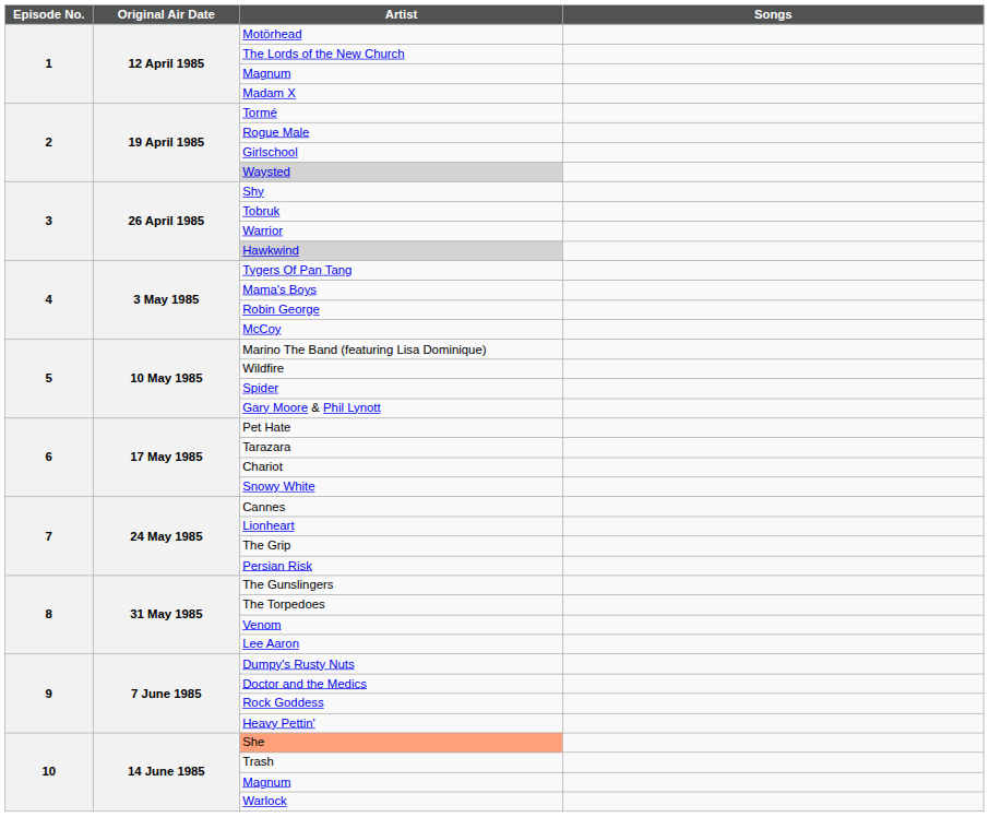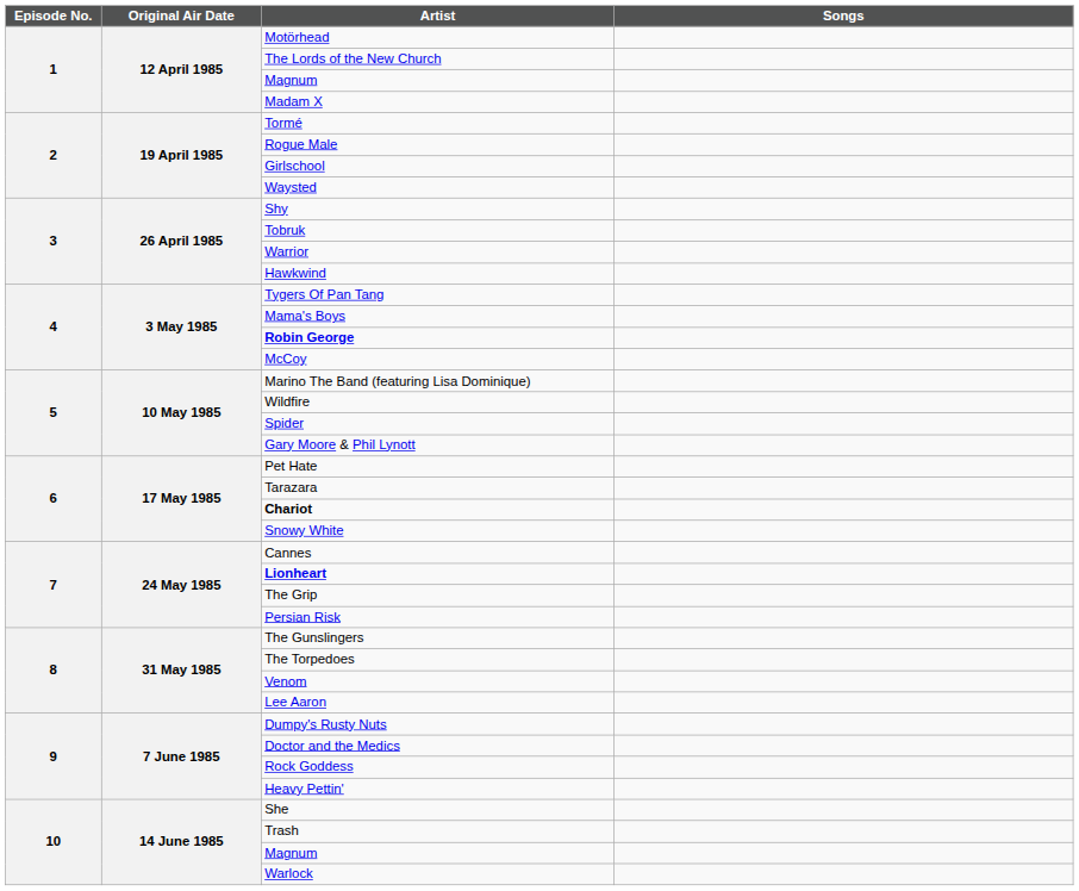 <table class="wikitable plainrowheaders" style="width: 100%; margin-right: 0;">
 <tr style=color:white>
 <th style="background:#515252; width:9%;">Episode No.</th>
 <th style="background:#515252; width:15%;">Original Air Date</th>
 <th style="background:#515252; width:33%;">Artist</th>
 <th style="background:#515252; width:43%;">Songs</th>
 </tr>
 <tr>
 <th rowspan="4">1</th>
 <th rowspan="4">12 April 1985</th>
 <td><a href='#'>Motörhead</a></td>
 <td><br></td>
 </tr>
 <tr>
 <td><a href='#'>The Lords of the New Church</a></td>
 <td></td>
 </tr>
 <tr>
 <td><a href='#'>Magnum</a></td>
 <td></td>
 </tr>
 <tr>
 <td><a href='#'>Madam X</a></td>
 <td></td>
 </tr>
 <tr>
 <th rowspan="4">2</th>
 <th rowspan="4">19 April 1985</th>
 <td><a href='#'>Tormé</a></td>
 <td></td>
 </tr>
 <tr>
 <td><a href='#'>Rogue Male</a></td>
 <td></td>
 </tr>
 <tr>
 <td><a href='#'>Girlschool</a></td>
 <td></td>
 </tr>
 <tr>
-<td style="background: lightgrey;"><a href='#'>Waysted</a></td>
+<td><a href='#'>Waysted</a></td>
 <td></td>
 </tr>
 <tr>
 <th rowspan="4">3</th>
 <th rowspan="4">26 April 1985</th>
 <td><a href='#'>Shy</a></td>
 <td></td>
 </tr>
 <tr>
 <td><a href='#'>Tobruk</a></td>
 <td></td>
 </tr>
 <tr>
 <td><a href='#'>Warrior</a></td>
 <td></td>
 </tr>
 <tr>
-<td style="background: lightgrey;"><a href='#'>Hawkwind</a></td>
+<td><a href='#'>Hawkwind</a></td>
 <td></td>
 </tr>
 <tr>
 <th rowspan="4">4</th>
 <th rowspan="4">3 May 1985</th>
 <td><a href='#'>Tygers Of Pan Tang</a></td>
 <td></td>
 </tr>
 <tr>
 <td><a href='#'>Mama's Boys</a></td>
 <td></td>
 </tr>
 <tr>
-<td><a href='#'>Robin George</a></td>
+<td><strong><a href='#'>Robin George</a></strong></td>
 <td></td>
 </tr>
 <tr>
 <td><a href='#'>McCoy</a></td>
 <td></td>
 </tr>
 <tr>
 <th rowspan="4">5</th>
 <th rowspan="4">10 May 1985</th>
 <td>Marino The Band (featuring Lisa Dominique)</td>
 <td></td>
 </tr>
 <tr>
 <td>Wildfire</td>
 <td></td>
 </tr>
 <tr>
 <td><a href='#'>Spider</a></td>
 <td></td>
 </tr>
 <tr>
 <td><a href='#'>Gary Moore</a> & <a href='#'>Phil Lynott</a></td>
 <td></td>
 </tr>
 <tr>
 <th rowspan="4">6</th>
 <th rowspan="4">17 May 1985</th>
 <td>Pet Hate</td>
 <td></td>
 </tr>
 <tr>
 <td>Tarazara</td>
 <td></td>
 </tr>
 <tr>
-<td>Chariot</td>
+<td><strong>Chariot</strong></td>
 <td></td>
 </tr>
 <tr>
 <td><a href='#'>Snowy White</a></td>
 <td></td>
 </tr>
 <tr>
 <th rowspan="4">7</th>
 <th rowspan="4">24 May 1985</th>
 <td>Cannes</td>
 <td></td>
 </tr>
 <tr>
-<td><a href='#'>Lionheart</a></td>
+<td><strong><a href='#'>Lionheart</a></strong></td>
 <td></td>
 </tr>
 <tr>
 <td>The Grip</td>
 <td></td>
 </tr>
 <tr>
 <td><a href='#'>Persian Risk</a></td>
 <td></td>
 </tr>
 <tr>
 <th rowspan="4">8</th>
 <th rowspan="4">31 May 1985</th>
 <td>The Gunslingers</td>
 <td></td>
 </tr>
 <tr>
 <td>The Torpedoes</td>
 <td></td>
 </tr>
 <tr>
 <td><a href='#'>Venom</a></td>
 <td></td>
 </tr>
 <tr>
 <td><a href='#'>Lee Aaron</a></td>
 <td></td>
 </tr>
 <tr>
 <th rowspan="4">9</th>
 <th rowspan="4">7 June 1985</th>
 <td><a href='#'>Dumpy's Rusty Nuts</a></td>
 <td></td>
 </tr>
 <tr>
 <td><a href='#'>Doctor and the Medics</a></td>
 <td></td>
 </tr>
 <tr>
 <td><a href='#'>Rock Goddess</a></td>
 <td></td>
 </tr>
 <tr>
 <td><a href='#'>Heavy Pettin'</a></td>
 <td></td>
 </tr>
 <tr>
 <th rowspan="4">10</th>
 <th rowspan="4">14 June 1985</th>
-<td style="background: lightsalmon;">She</td>
+<td>She</td>
 <td></td>
 </tr>
 <tr>
 <td>Trash</td>
 <td></td>
 </tr>
 <tr>
 <td><a href='#'>Magnum</a></td>
 <td></td>
 </tr>
 <tr>
 <td><a href='#'>Warlock</a></td>
 <td></td>
 </tr>
 </table>
